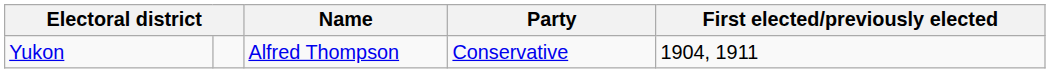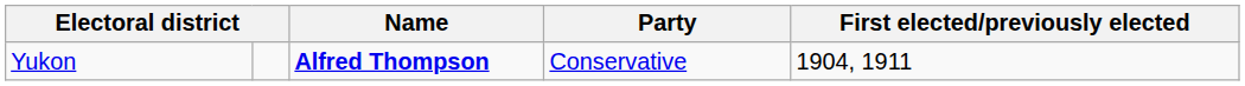 <table class="wikitable" width=95%>
 <tr>
 <th colspan=2 width=23%>Electoral district</th>
 <th>Name</th>
 <th width=20%>Party</th>
 <th>First elected/previously elected</th>
 </tr>
 <tr>
 <td width=20%><a href='#'>Yukon</a></td>
 <td></td>
-<td><a href='#'>Alfred Thompson</a></td>
+<td><strong><a href='#'>Alfred Thompson</a></strong></td>
 <td><a href='#'>Conservative</a></td>
 <td>1904, 1911</td>
 </tr>
 </table>
